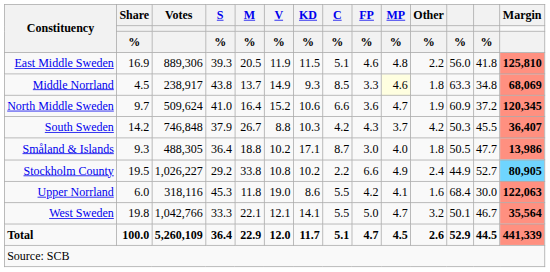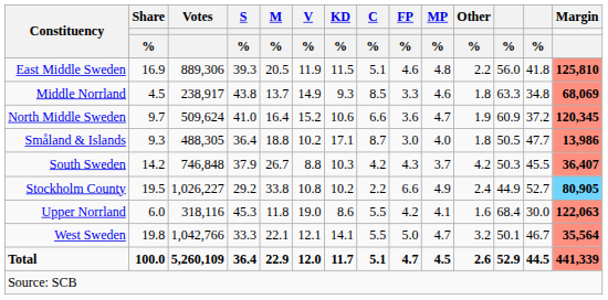 <table class="wikitable sortable" style="text-align:right; font-size:95%; line-height:20px;">
 <tr>
 <th rowspan="3">Constituency</th>
 <th>Share</th>
 <th>Votes</th>
 <th width="30px" class="unsortable"><a href='#'>S</a></th>
 <th width="30px" class="unsortable"><a href='#'>M</a></th>
 <th width="30px" class="unsortable"><a href='#'>V</a></th>
 <th width="30px" class="unsortable"><a href='#'>KD</a></th>
 <th width="30px" class="unsortable"><a href='#'>C</a></th>
 <th width="30px" class="unsortable"><a href='#'>FP</a></th>
 <th width="30px" class="unsortable"><a href='#'>MP</a></th>
 <th width="30px" class="unsortable">Other</th>
 <th></th>
 <th></th>
 <th>Margin</th>
 </tr>
 <tr>
 <th></th>
 <th></th>
 <th style="background:"></th>
 <th style="background:"></th>
 <th style="background:"></th>
 <th style="background:"></th>
 <th style="background:"></th>
 <th style="background:"></th>
 <th style="background:"></th>
 <th style="background:"></th>
 <th style="background:"></th>
 <th style="background:"></th>
 </tr>
 <tr>
 <th data-sort-type="number">%</th>
 <th></th>
 <th data-sort-type="number">%</th>
 <th data-sort-type="number">%</th>
 <th data-sort-type="number">%</th>
 <th data-sort-type="number">%</th>
 <th data-sort-type="number">%</th>
 <th data-sort-type="number">%</th>
 <th data-sort-type="number">%</th>
 <th data-sort-type="number">%</th>
 <th data-sort-type="number">%</th>
 <th data-sort-type="number">%</th>
 <th data-sort-type="number"></th>
 </tr>
 <tr>
 <td><a href='#'>East Middle Sweden</a></td>
 <td>16.9</td>
 <td>889,306</td>
 <td>39.3</td>
 <td>20.5</td>
 <td>11.9</td>
 <td>11.5</td>
 <td>5.1</td>
 <td>4.6</td>
 <td>4.8</td>
 <td>2.2</td>
 <td>56.0</td>
 <td>41.8</td>
 <td bgcolor=#ff908><strong>125,810</strong></td>
 </tr>
 <tr>
 <td><a href='#'>Middle Norrland</a></td>
 <td>4.5</td>
 <td>238,917</td>
 <td>43.8</td>
 <td>13.7</td>
 <td>14.9</td>
 <td>9.3</td>
 <td>8.5</td>
 <td>3.3</td>
-<td style="background: lightyellow;">4.6</td>
+<td>4.6</td>
 <td>1.8</td>
 <td>63.3</td>
 <td>34.8</td>
 <td bgcolor=#ff908><strong>68,069</strong></td>
 </tr>
 <tr>
 <td><a href='#'>North Middle Sweden</a></td>
 <td>9.7</td>
 <td>509,624</td>
 <td>41.0</td>
 <td>16.4</td>
 <td>15.2</td>
 <td>10.6</td>
 <td>6.6</td>
 <td>3.6</td>
 <td>4.7</td>
 <td>1.9</td>
 <td>60.9</td>
 <td>37.2</td>
 <td bgcolor=#ff908><strong>120,345</strong></td>
 </tr>
 <tr>
+<td><a href='#'>Småland & Islands</a></td>
+<td>9.3</td>
+<td>488,305</td>
+<td>36.4</td>
+<td>18.8</td>
+<td>10.2</td>
+<td>17.1</td>
+<td>8.7</td>
+<td>3.0</td>
+<td>4.0</td>
+<td>1.8</td>
+<td>50.5</td>
+<td>47.7</td>
+<td bgcolor=#ff908><strong>13,986</strong></td>
+</tr>
+<tr>
 <td><a href='#'>South Sweden</a></td>
 <td>14.2</td>
 <td>746,848</td>
 <td>37.9</td>
 <td>26.7</td>
 <td>8.8</td>
 <td>10.3</td>
 <td>4.2</td>
 <td>4.3</td>
 <td>3.7</td>
 <td>4.2</td>
 <td>50.3</td>
 <td>45.5</td>
 <td bgcolor=#ff908><strong>36,407</strong></td>
-</tr>
-<tr>
-<td><a href='#'>Småland & Islands</a></td>
-<td>9.3</td>
-<td>488,305</td>
-<td>36.4</td>
-<td>18.8</td>
-<td>10.2</td>
-<td>17.1</td>
-<td>8.7</td>
-<td>3.0</td>
-<td>4.0</td>
-<td>1.8</td>
-<td>50.5</td>
-<td>47.7</td>
-<td bgcolor=#ff908><strong>13,986</strong></td>
 </tr>
 <tr>
 <td><a href='#'>Stockholm County</a></td>
 <td>19.5</td>
 <td>1,026,227</td>
 <td>29.2</td>
 <td>33.8</td>
 <td>10.8</td>
 <td>10.2</td>
 <td>2.2</td>
 <td>6.6</td>
 <td>4.9</td>
 <td>2.4</td>
 <td>44.9</td>
 <td>52.7</td>
 <td bgcolor=#6fd5fe><strong>80,905</strong></td>
 </tr>
 <tr>
 <td><a href='#'>Upper Norrland</a></td>
 <td>6.0</td>
 <td>318,116</td>
 <td>45.3</td>
 <td>11.8</td>
 <td>19.0</td>
 <td>8.6</td>
 <td>5.5</td>
 <td>4.2</td>
 <td>4.1</td>
 <td>1.6</td>
 <td>68.4</td>
 <td>30.0</td>
 <td bgcolor=#ff908><strong>122,063</strong></td>
 </tr>
 <tr>
 <td><a href='#'>West Sweden</a></td>
 <td>19.8</td>
 <td>1,042,766</td>
 <td>33.3</td>
 <td>22.1</td>
 <td>12.1</td>
 <td>14.1</td>
 <td>5.5</td>
 <td>5.0</td>
 <td>4.7</td>
 <td>3.2</td>
 <td>50.1</td>
 <td>46.7</td>
 <td bgcolor=#ff908><strong>35,564</strong></td>
 </tr>
 <tr>
 <td align=left><strong>Total</strong></td>
 <td><strong>100.0</strong></td>
 <td><strong>5,260,109</strong></td>
 <td><strong>36.4</strong></td>
 <td><strong>22.9</strong></td>
 <td><strong>12.0</strong></td>
 <td><strong>11.7</strong></td>
 <td><strong>5.1</strong></td>
 <td><strong>4.7</strong></td>
 <td><strong>4.5</strong></td>
 <td><strong>2.6</strong></td>
 <td><strong>52.9</strong></td>
 <td><strong>44.5</strong></td>
 <td bgcolor=#ff908><strong>441,339</strong></td>
 </tr>
 <tr>
 <td align=left colspan=14>Source: SCB </td>
 </tr>
 </table>
